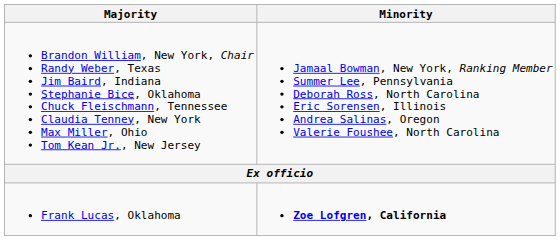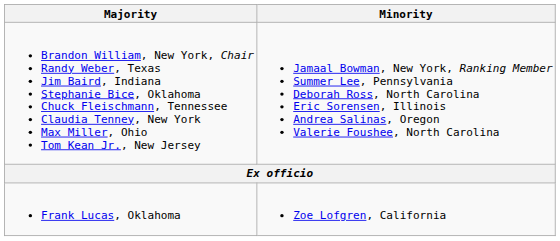 <table class=wikitable>
 <tr>
 <th>Majority</th>
 <th>Minority</th>
 </tr>
 <tr>
 <td><br><ul><li><a href='#'>Brandon William</a>, New York, <em>Chair</em></li><li><a href='#'>Randy Weber</a>, Texas</li><li><a href='#'>Jim Baird</a>, Indiana</li><li><a href='#'>Stephanie Bice</a>, Oklahoma</li><li><a href='#'>Chuck Fleischmann</a>, Tennessee</li><li><a href='#'>Claudia Tenney</a>, New York</li><li><a href='#'>Max Miller</a>, Ohio</li><li><a href='#'>Tom Kean Jr.</a>, New Jersey</li></ul></td>
 <td><br><ul><li><a href='#'>Jamaal Bowman</a>, New York, <em>Ranking Member</em></li><li><a href='#'>Summer Lee</a>, Pennsylvania</li><li><a href='#'>Deborah Ross</a>, North Carolina</li><li><a href='#'>Eric Sorensen</a>, Illinois</li><li><a href='#'>Andrea Salinas</a>, Oregon</li><li><a href='#'>Valerie Foushee</a>, North Carolina</li></ul></td>
 </tr>
 <tr>
 <th colspan=2><em>Ex officio</em></th>
 </tr>
 <tr>
 <td><br><ul><li><a href='#'>Frank Lucas</a>, Oklahoma</li></ul></td>
-<td><strong><br><ul><li><a href='#'>Zoe Lofgren</a>, California</li></ul></strong></td>
+<td><br><ul><li><a href='#'>Zoe Lofgren</a>, California</li></ul></td>
 </tr>
 </table>
